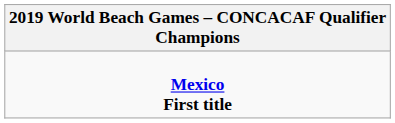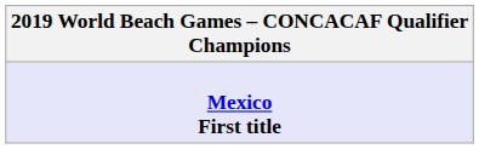 <table class="wikitable" style="margin: 0 auto;">
 <tr>
 <th>2019 World Beach Games – CONCACAF Qualifier<br>Champions</th>
 </tr>
 <tr>
-<td align=center><br><strong><a href='#'>Mexico</a></strong><br><strong>First title</strong></td>
+<td align=center style="background: lavender;"><br><strong><a href='#'>Mexico</a></strong><br><strong>First title</strong></td>
 </tr>
 </table>
